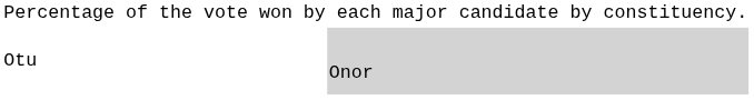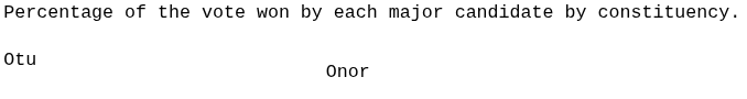 <table align=center>
 <tr>
 <td colspan=2>Percentage of the vote won by each major candidate by constituency.</td>
 </tr>
 <tr>
 <td><br>Otu<br> <br> </td>
-<td style="background: lightgrey;"><br>Onor<br>  </td>
+<td><br>Onor<br>  </td>
 </tr>
 </table>
